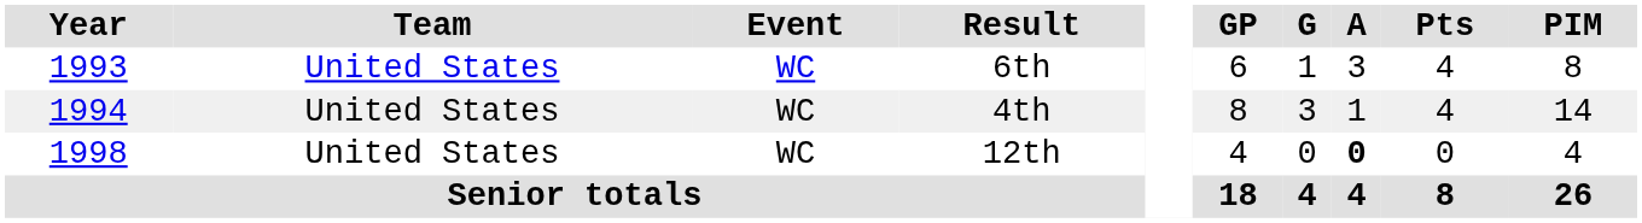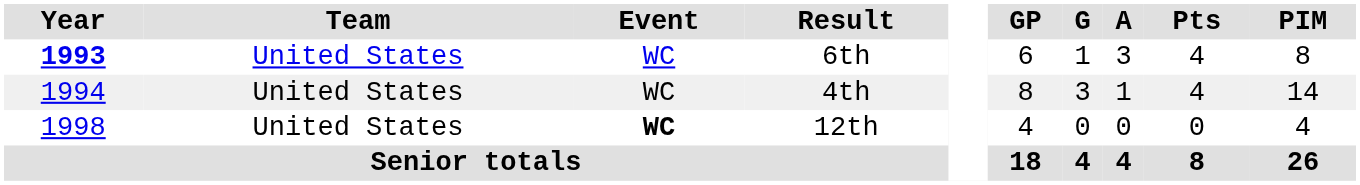 <table border="0" cellpadding="1" cellspacing="0" style="text-align:center; width:50em">
 <tr ALIGN="center" bgcolor="#e0e0e0">
 <th>Year</th>
 <th>Team</th>
 <th>Event</th>
 <th>Result</th>
 <th rowspan="99" bgcolor="#ffffff"> </th>
 <th>GP</th>
 <th>G</th>
 <th>A</th>
 <th>Pts</th>
 <th>PIM</th>
 </tr>
 <tr>
-<td><a href='#'>1993</a></td>
+<td><strong><a href='#'>1993</a></strong></td>
 <td><a href='#'>United States</a></td>
 <td><a href='#'>WC</a></td>
 <td>6th</td>
 <td>6</td>
 <td>1</td>
 <td>3</td>
 <td>4</td>
 <td>8</td>
 </tr>
 <tr bgcolor="#f0f0f0">
 <td><a href='#'>1994</a></td>
 <td>United States</td>
 <td>WC</td>
 <td>4th</td>
 <td>8</td>
 <td>3</td>
 <td>1</td>
 <td>4</td>
 <td>14</td>
 </tr>
 <tr>
 <td><a href='#'>1998</a></td>
 <td>United States</td>
-<td>WC</td>
+<td><strong>WC</strong></td>
 <td>12th</td>
 <td>4</td>
 <td>0</td>
-<td><strong>0</strong></td>
+<td>0</td>
 <td>0</td>
 <td>4</td>
 </tr>
 <tr bgcolor="#e0e0e0">
 <th colspan="4">Senior totals</th>
 <th>18</th>
 <th>4</th>
 <th>4</th>
 <th>8</th>
 <th>26</th>
 </tr>
 </table>
